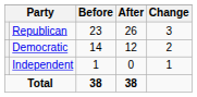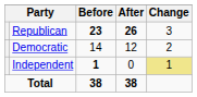 <table class="wikitable" style="text-align:center;">
 <tr>
 </tr>
 <tr>
 <th colspan=2>Party</th>
 <th>Before</th>
 <th>After</th>
 <th>Change</th>
 </tr>
 <tr>
 <th style="background-color:"></th>
 <td style="text-align:left;"><a href='#'>Republican</a></td>
-<td>23</td>
-<td>26</td>
+<td><strong>23</strong></td>
+<td><strong>26</strong></td>
 <td> 3</td>
 </tr>
 <tr>
 <th style="background-color:"></th>
 <td style="text-align:left;"><a href='#'>Democratic</a></td>
 <td>14</td>
 <td>12</td>
 <td> 2</td>
 </tr>
 <tr>
 <th style="background-color:"></th>
 <td style="text-align:left;"><a href='#'>Independent</a></td>
-<td>1</td>
+<td><strong>1</strong></td>
 <td>0</td>
-<td> 1</td>
+<td style="background: khaki;"> 1</td>
 </tr>
 <tr>
 <td colspan=2><strong>Total</strong></td>
 <td><strong>38</strong></td>
 <td><strong>38</strong></td>
 <td></td>
 </tr>
 </table>
